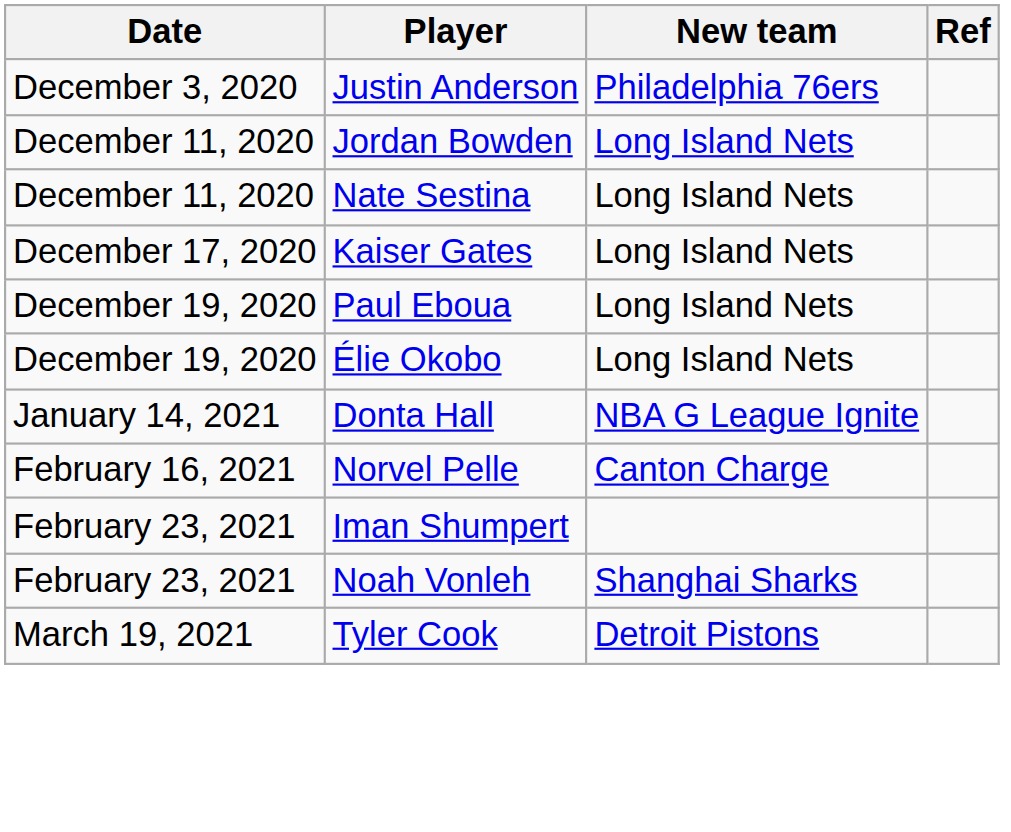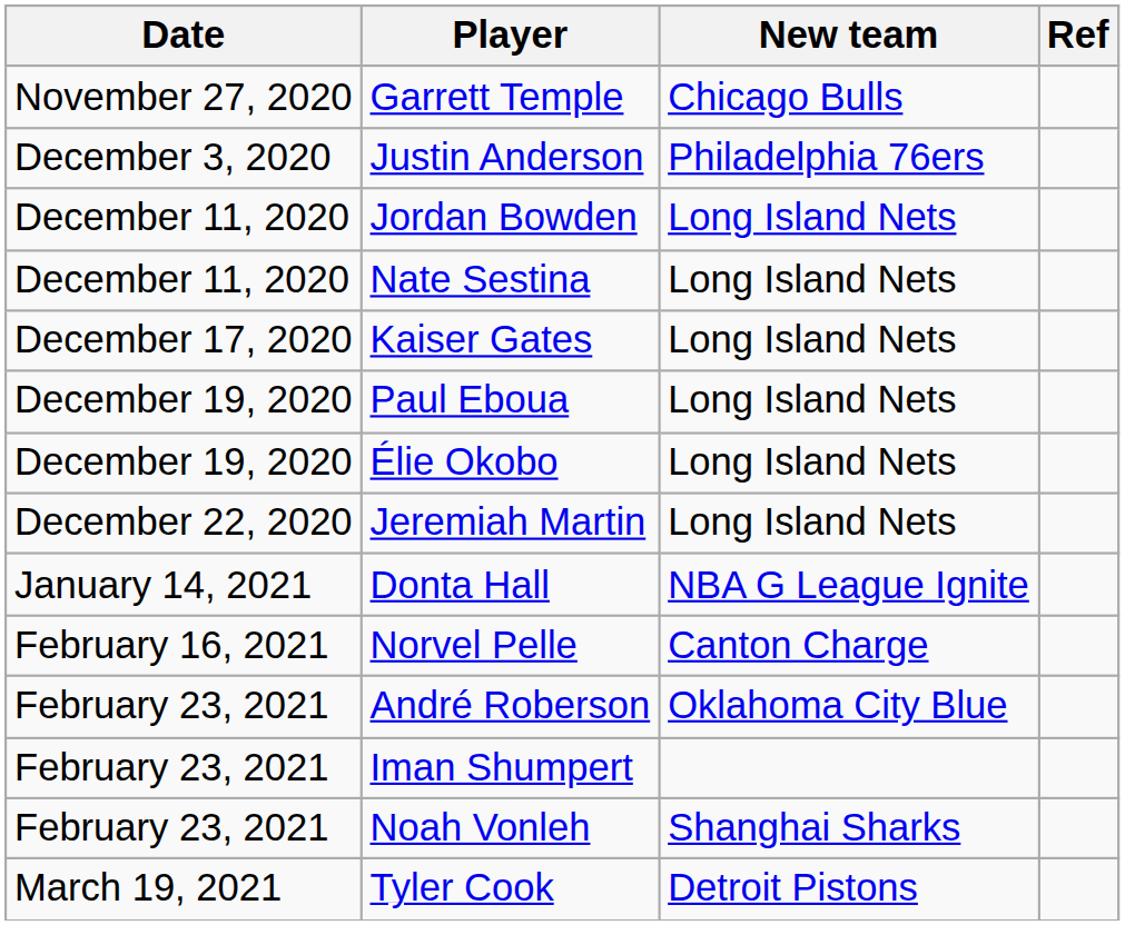 <table class="wikitable" style="text-align:left;">
 <tr>
 <th>Date</th>
 <th>Player</th>
 <th>New team</th>
 <th>Ref</th>
+</tr>
+<tr>
+<td>November 27, 2020</td>
+<td><a href='#'>Garrett Temple</a></td>
+<td><a href='#'>Chicago Bulls</a></td>
+<td></td>
 </tr>
 <tr>
 <td>December 3, 2020</td>
 <td><a href='#'>Justin Anderson</a></td>
 <td><a href='#'>Philadelphia 76ers</a></td>
 <td></td>
 </tr>
 <tr>
 <td>December 11, 2020</td>
 <td><a href='#'>Jordan Bowden</a></td>
 <td><a href='#'>Long Island Nets</a></td>
 <td></td>
 </tr>
 <tr>
 <td>December 11, 2020</td>
 <td><a href='#'>Nate Sestina</a></td>
 <td>Long Island Nets</td>
 <td></td>
 </tr>
 <tr>
 <td>December 17, 2020</td>
 <td><a href='#'>Kaiser Gates</a></td>
 <td>Long Island Nets</td>
 <td></td>
 </tr>
 <tr>
 <td>December 19, 2020</td>
 <td><a href='#'>Paul Eboua</a></td>
 <td>Long Island Nets</td>
 <td></td>
 </tr>
 <tr>
 <td>December 19, 2020</td>
 <td><a href='#'>Élie Okobo</a></td>
 <td>Long Island Nets</td>
 <td></td>
 </tr>
 <tr>
+<td>December 22, 2020</td>
+<td><a href='#'>Jeremiah Martin</a></td>
+<td>Long Island Nets</td>
+<td></td>
+</tr>
+<tr>
 <td>January 14, 2021</td>
 <td><a href='#'>Donta Hall</a></td>
 <td><a href='#'>NBA G League Ignite</a></td>
 <td></td>
 </tr>
 <tr>
 <td>February 16, 2021</td>
 <td><a href='#'>Norvel Pelle</a></td>
 <td><a href='#'>Canton Charge</a></td>
+<td></td>
+</tr>
+<tr>
+<td>February 23, 2021</td>
+<td><a href='#'>André Roberson</a></td>
+<td><a href='#'>Oklahoma City Blue</a></td>
 <td></td>
 </tr>
 <tr>
 <td>February 23, 2021</td>
 <td><a href='#'>Iman Shumpert</a></td>
 <td></td>
 <td></td>
 </tr>
 <tr>
 <td>February 23, 2021</td>
 <td><a href='#'>Noah Vonleh</a></td>
 <td><a href='#'>Shanghai Sharks</a></td>
 <td></td>
 </tr>
 <tr>
 <td>March 19, 2021</td>
 <td><a href='#'>Tyler Cook</a></td>
 <td><a href='#'>Detroit Pistons</a></td>
 <td></td>
 </tr>
 </table>
